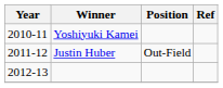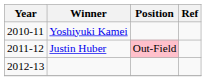 <table class="wikitable sortable">
 <tr>
 <th>Year</th>
 <th>Winner</th>
 <th>Position</th>
 <th class=unsortable>Ref</th>
 </tr>
 <tr>
 <td>2010-11</td>
 <td><a href='#'>Yoshiyuki Kamei</a></td>
 <td></td>
 <td></td>
 </tr>
 <tr>
 <td>2011-12</td>
 <td><a href='#'>Justin Huber</a></td>
-<td>Out-Field</td>
+<td style="background: pink;">Out-Field</td>
 <td></td>
 </tr>
 <tr>
 <td>2012-13</td>
 <td></td>
 <td></td>
 <td></td>
 </tr>
 <tr>
 </tr>
 </table>
